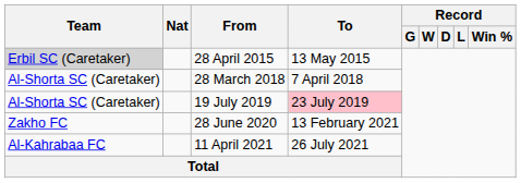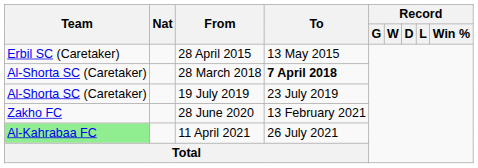 <table class="wikitable" style="text-align: center">
 <tr>
 <th rowspan="2">Team</th>
 <th rowspan="2">Nat</th>
 <th rowspan="2">From</th>
 <th rowspan="2">To</th>
 <th colspan="5">Record</th>
 </tr>
 <tr>
 <th>G</th>
 <th>W</th>
 <th>D</th>
 <th>L</th>
 <th>Win %</th>
 </tr>
 <tr>
-<td align=left style="background: lightgrey;"><a href='#'>Erbil SC</a> (Caretaker)</td>
+<td align=left><a href='#'>Erbil SC</a> (Caretaker)</td>
 <td></td>
 <td align=left>28 April 2015</td>
 <td align=left>13 May 2015<br></td>
 </tr>
 <tr>
 <td align=left><a href='#'>Al-Shorta SC</a> (Caretaker)</td>
 <td></td>
 <td align=left>28 March 2018</td>
-<td align=left>7 April 2018<br></td>
+<td align=left><strong>7 April 2018<br></strong></td>
 </tr>
 <tr>
 <td align=left><a href='#'>Al-Shorta SC</a> (Caretaker)</td>
 <td></td>
 <td align=left>19 July 2019</td>
-<td align=left style="background: pink;">23 July 2019<br></td>
+<td align=left>23 July 2019<br></td>
 </tr>
 <tr>
 <td align=left><a href='#'>Zakho FC</a></td>
 <td></td>
 <td align=left>28 June 2020</td>
 <td align=left>13 February 2021<br></td>
 </tr>
 <tr>
-<td align=left><a href='#'>Al-Kahrabaa FC</a></td>
+<td align=left style="background: lightgreen;"><a href='#'>Al-Kahrabaa FC</a></td>
 <td></td>
 <td align=left>11 April 2021</td>
 <td align=left>26 July 2021<br></td>
 </tr>
 <tr>
 <th colspan="4" align="center" valign=middle>Total<br></th>
 </tr>
 </table>
